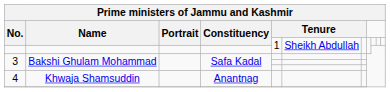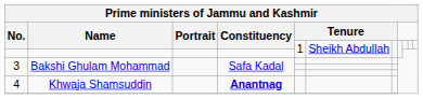 <table class="wikitable sortable" style="text-align:center">
 <tr>
 <th colspan="11">Prime ministers of Jammu and Kashmir</th>
 </tr>
 <tr>
 <th rowspan=2 scope=col>No.</th>
 <th rowspan=2 scope=col>Name</th>
 <th rowspan=2 scope=col>Portrait</th>
 <th rowspan=2 scope=col>Constituency</th>
 <th colspan=3 scope=col>Tenure</th>
 </tr>
 <tr>
 <td rowspan=2>1</td>
 <td rowspan=2><a href='#'>Sheikh Abdullah</a></td>
 <td rowspan=2></td>
 <td rowspan=2></td>
 <td></td>
 <td></td>
 <td></td>
 </tr>
 <tr>
 <td></td>
 <td></td>
 <td></td>
 </tr>
 <tr>
 <td rowspan=3>3</td>
 <td rowspan=3><a href='#'>Bakshi Ghulam Mohammad</a></td>
 <td rowspan=3></td>
 <td rowspan=3><a href='#'>Safa Kadal</a></td>
 <td></td>
 <td></td>
 <td></td>
 </tr>
 <tr>
 <td></td>
 <td></td>
 <td></td>
 </tr>
 <tr>
 <td></td>
 <td></td>
 <td></td>
 </tr>
 <tr>
 <td>4</td>
 <td><a href='#'>Khwaja Shamsuddin</a></td>
 <td></td>
-<td><a href='#'>Anantnag</a></td>
+<td><strong><a href='#'>Anantnag</a></strong></td>
 <td></td>
 <td></td>
 <td></td>
 </tr>
 <tr>
 </tr>
 </table>
